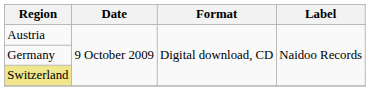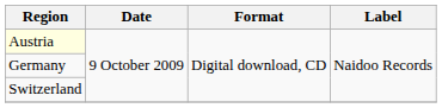 <table class="wikitable">
 <tr>
 <th scope="col">Region</th>
 <th scope="col">Date</th>
 <th scope="col">Format</th>
 <th scope="col">Label</th>
 </tr>
 <tr>
-<td>Austria</td>
+<td style="background: lightyellow;">Austria</td>
 <td rowspan="3">9 October 2009</td>
 <td rowspan="3">Digital download, CD</td>
 <td rowspan="3">Naidoo Records</td>
 </tr>
 <tr>
 <td>Germany</td>
 </tr>
 <tr>
-<td style="background: khaki;">Switzerland</td>
+<td>Switzerland</td>
 </tr>
 <tr>
 </tr>
 </table>
